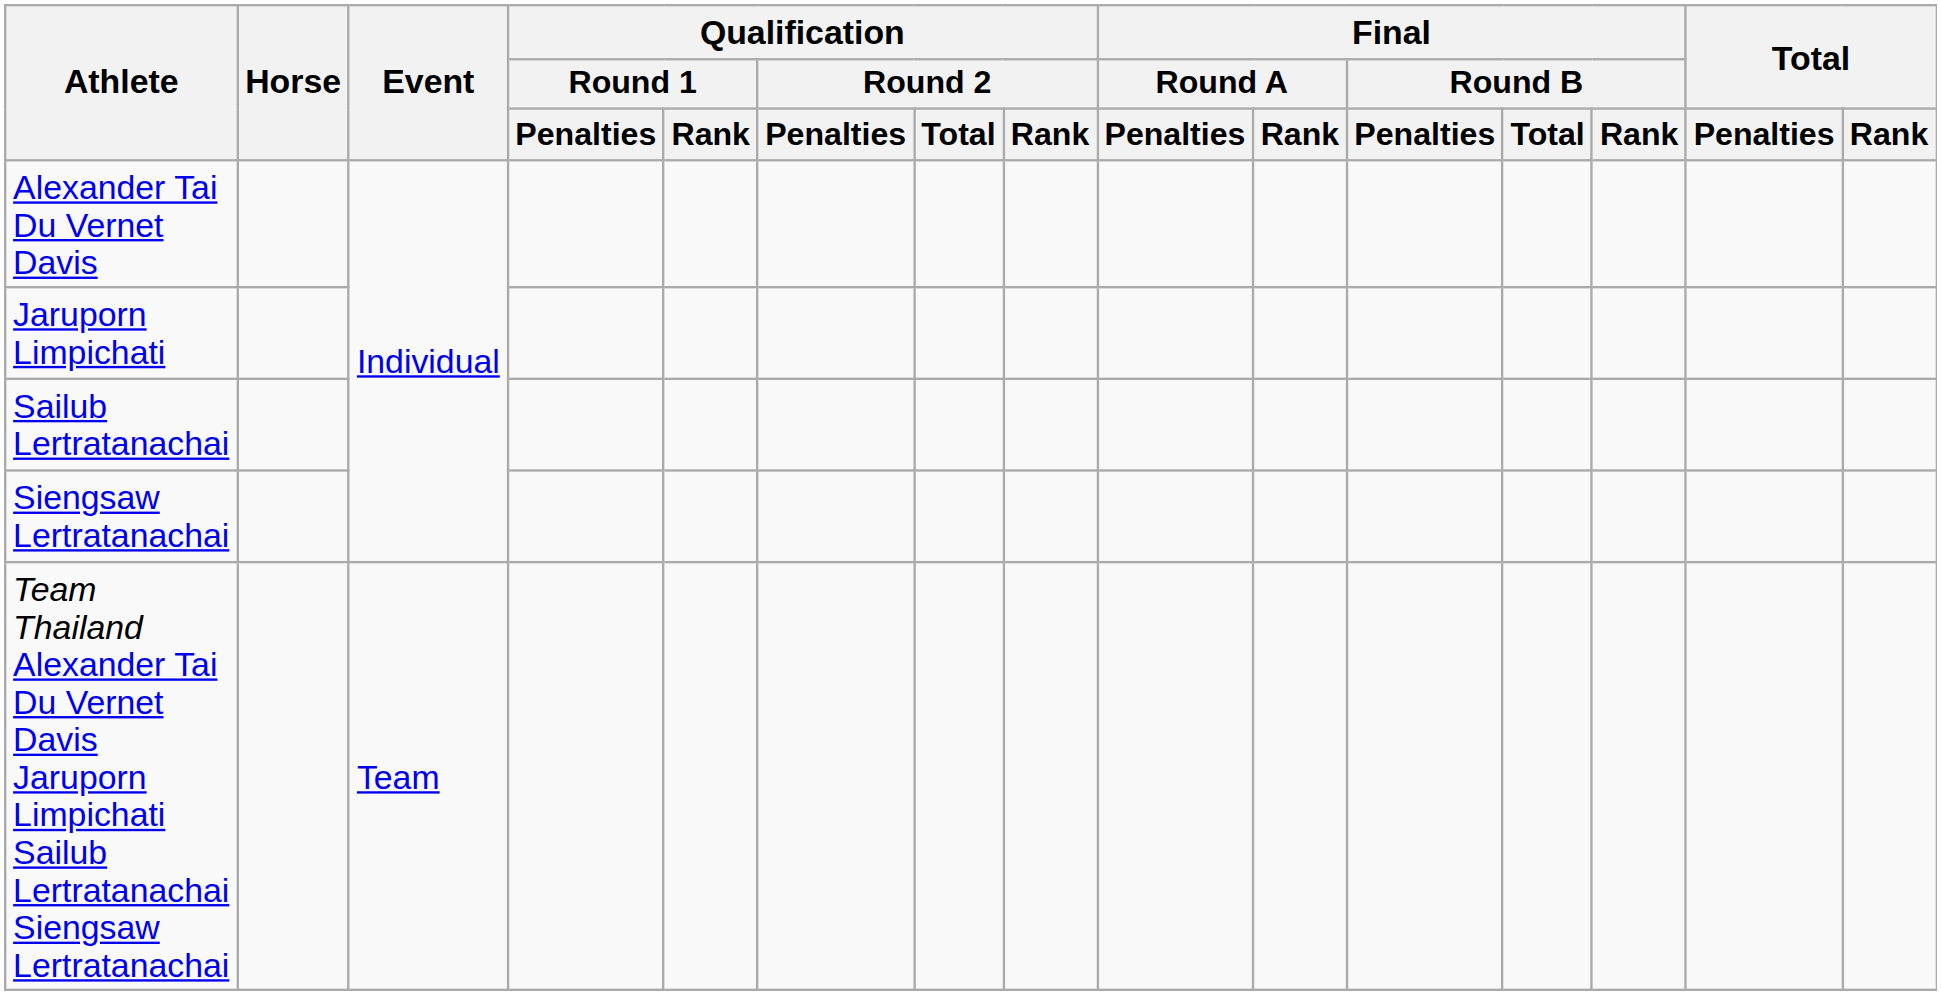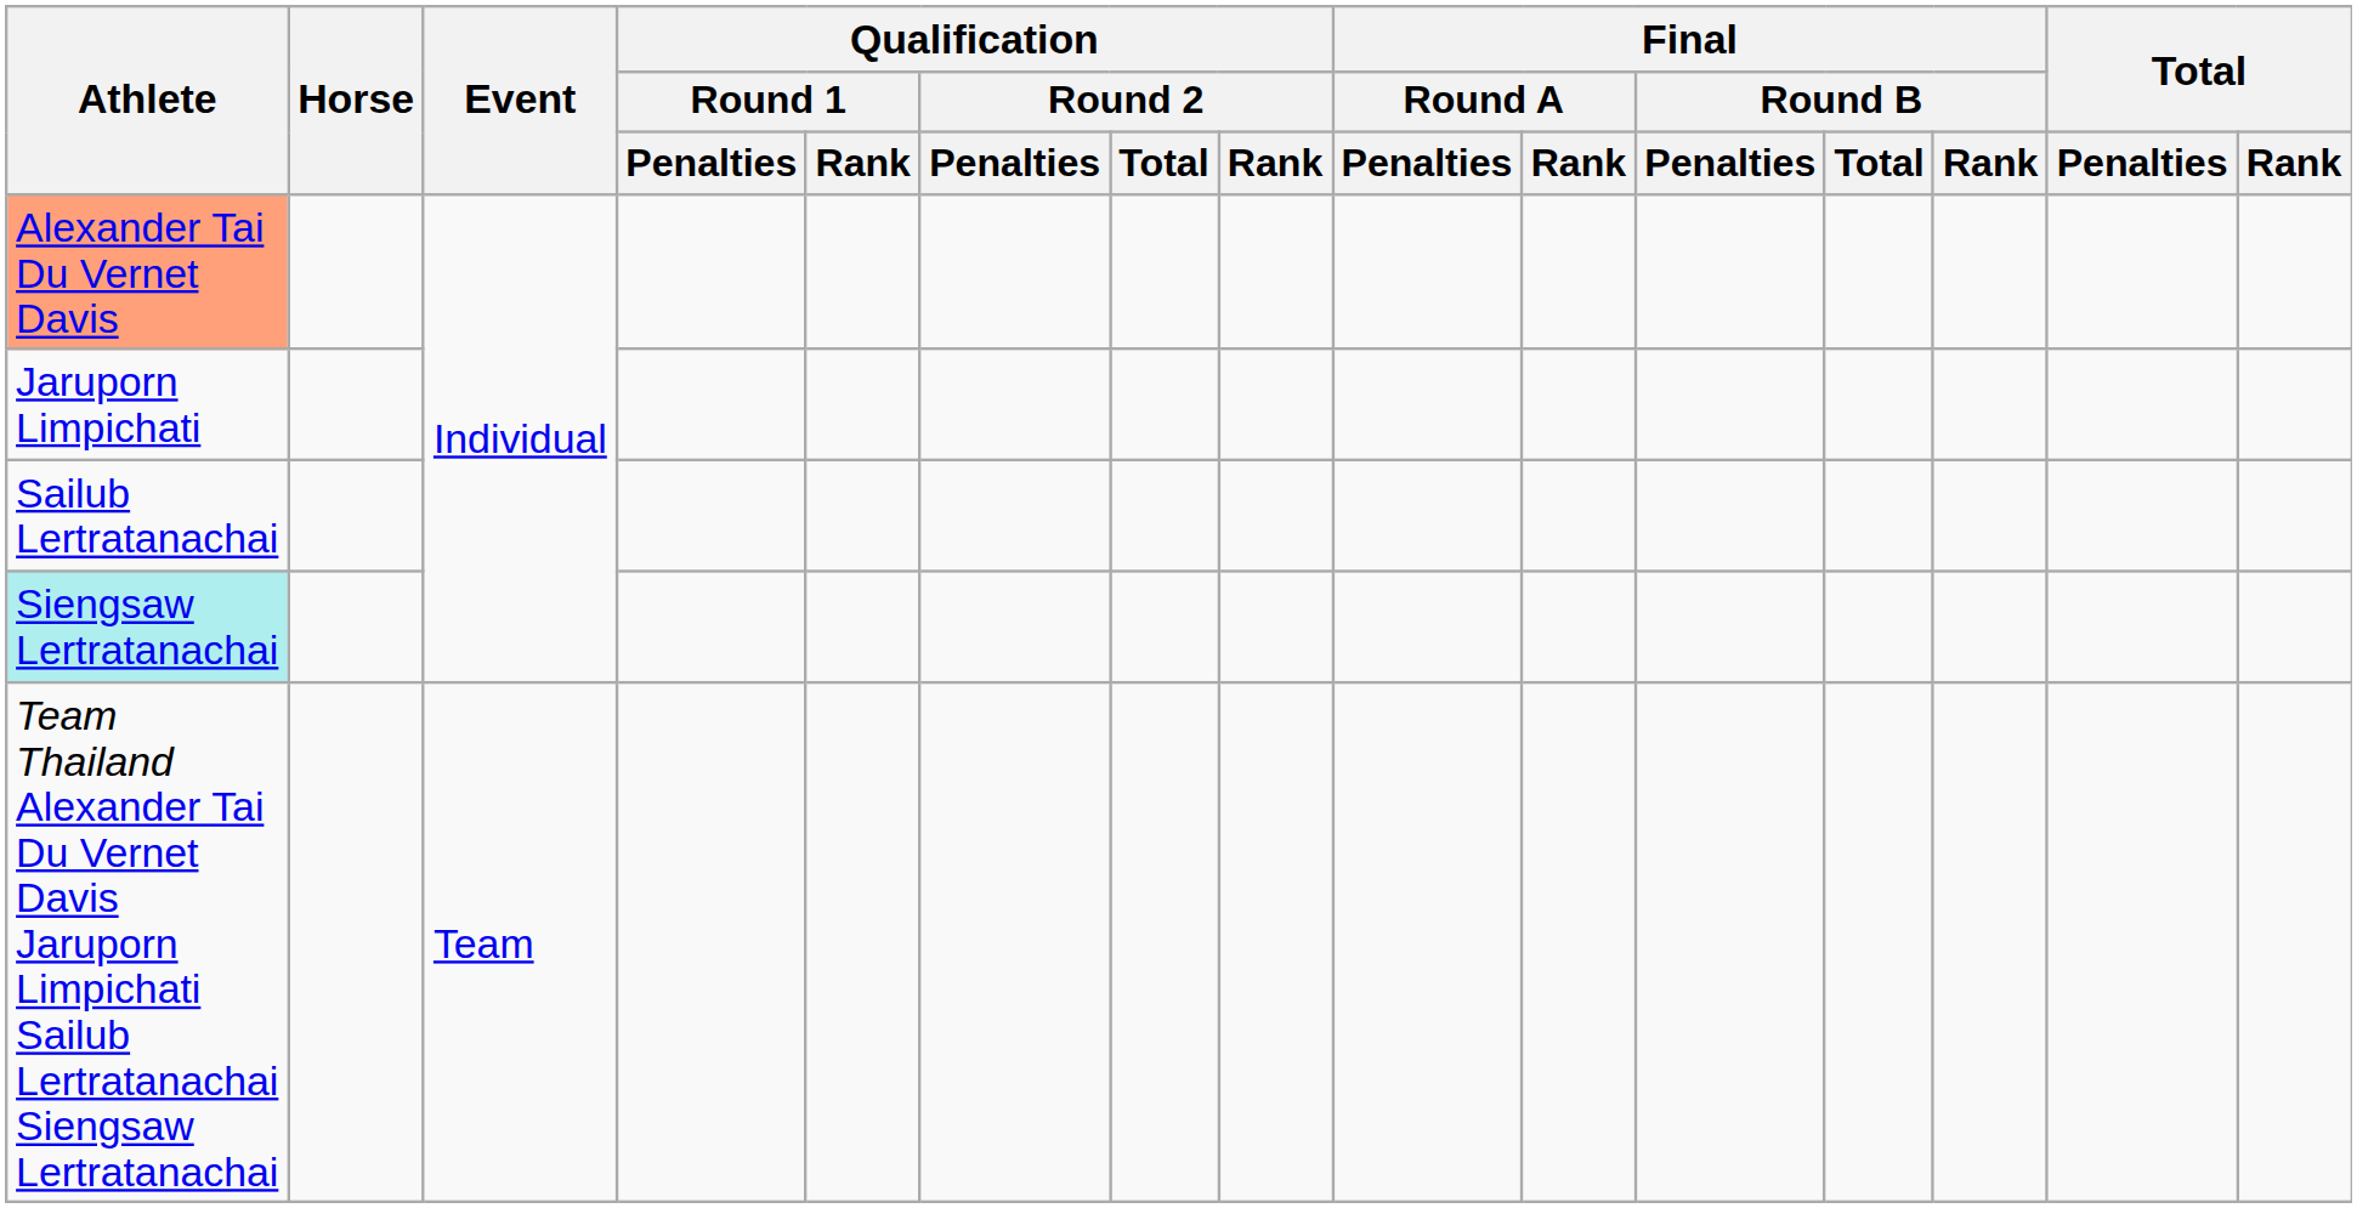 <table class="wikitable" style="font-size:90%">
 <tr>
 <th rowspan="3">Athlete</th>
 <th rowspan="3">Horse</th>
 <th rowspan="3">Event</th>
 <th colspan="5">Qualification</th>
 <th colspan="5">Final</th>
 <th rowspan=2 colspan="2">Total</th>
 </tr>
 <tr style="font-size:95%">
 <th colspan="2">Round 1</th>
 <th colspan="3">Round 2</th>
 <th colspan="2">Round A</th>
 <th colspan="3">Round B</th>
 </tr>
 <tr style="font-size:95%">
 <th>Penalties</th>
 <th>Rank</th>
 <th>Penalties</th>
 <th>Total</th>
 <th>Rank</th>
 <th>Penalties</th>
 <th>Rank</th>
 <th>Penalties</th>
 <th>Total</th>
 <th>Rank</th>
 <th>Penalties</th>
 <th>Rank</th>
 </tr>
 <tr align=center>
-<td align=left><a href='#'>Alexander Tai Du Vernet Davis</a></td>
+<td align=left style="background: lightsalmon;"><a href='#'>Alexander Tai Du Vernet Davis</a></td>
 <td></td>
 <td rowspan=4 align=left><a href='#'>Individual</a></td>
 <td></td>
 <td></td>
 <td></td>
 <td></td>
 <td></td>
 <td></td>
 <td></td>
 <td></td>
 <td></td>
 <td></td>
 <td></td>
 <td></td>
 </tr>
 <tr align=center>
 <td align=left><a href='#'>Jaruporn Limpichati</a></td>
 <td></td>
 <td></td>
 <td></td>
 <td></td>
 <td></td>
 <td></td>
 <td></td>
 <td></td>
 <td></td>
 <td></td>
 <td></td>
 <td></td>
 <td></td>
 </tr>
 <tr align=center>
 <td align=left><a href='#'>Sailub Lertratanachai</a></td>
 <td></td>
 <td></td>
 <td></td>
 <td></td>
 <td></td>
 <td></td>
 <td></td>
 <td></td>
 <td></td>
 <td></td>
 <td></td>
 <td></td>
 <td></td>
 </tr>
 <tr align=center>
-<td align=left><a href='#'>Siengsaw Lertratanachai</a></td>
+<td align=left style="background: paleturquoise;"><a href='#'>Siengsaw Lertratanachai</a></td>
 <td></td>
 <td></td>
 <td></td>
 <td></td>
 <td></td>
 <td></td>
 <td></td>
 <td></td>
 <td></td>
 <td></td>
 <td></td>
 <td></td>
 <td></td>
 </tr>
 <tr align=center>
 <td align=left><em>Team Thailand</em><br><a href='#'>Alexander Tai Du Vernet Davis</a><br><a href='#'>Jaruporn Limpichati</a><br><a href='#'>Sailub Lertratanachai</a><br><a href='#'>Siengsaw Lertratanachai</a></td>
 <td></td>
 <td align=left><a href='#'>Team</a></td>
 <td></td>
 <td></td>
 <td></td>
 <td></td>
 <td></td>
 <td></td>
 <td></td>
 <td></td>
 <td></td>
 <td></td>
 <td></td>
 <td></td>
 </tr>
 </table>
